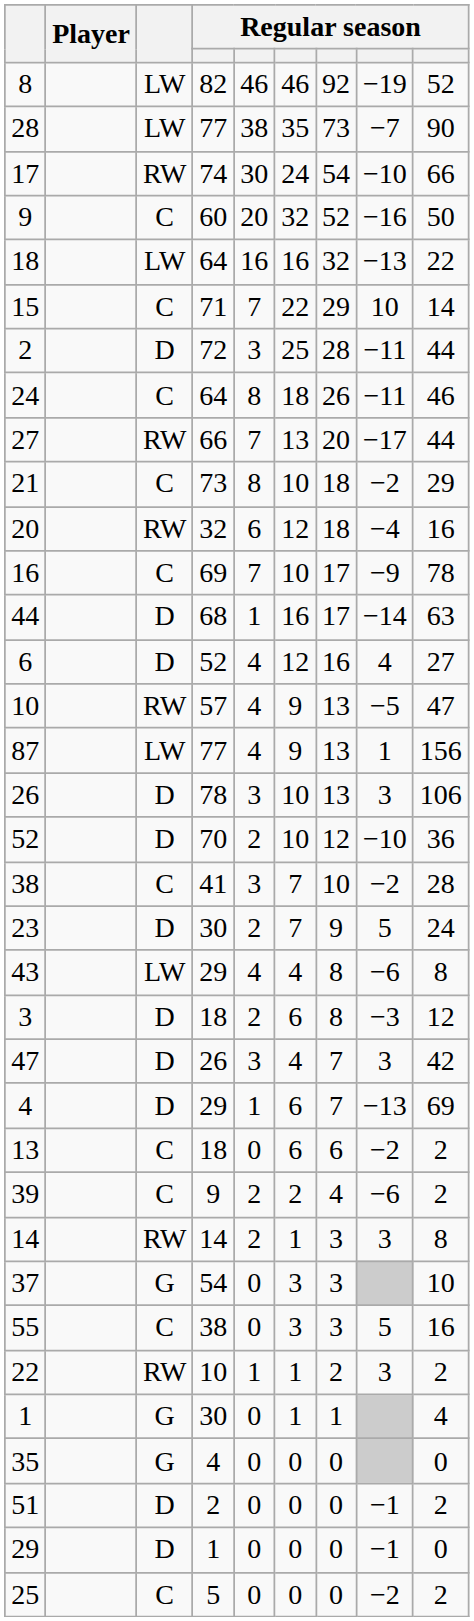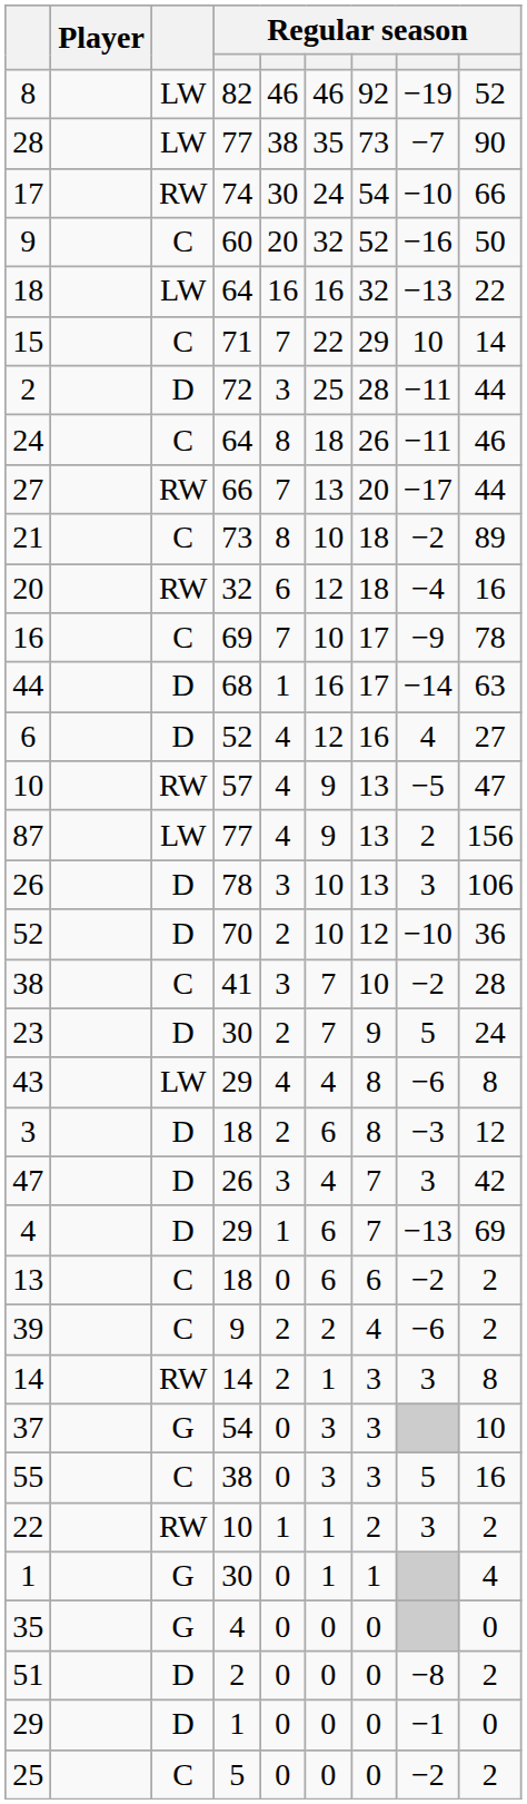 <table class="wikitable sortable plainrowheaders" style="text-align:center;">
 <tr>
 <th scope="col" data-sort-type="number" rowspan="2"></th>
 <th scope="col" rowspan="2">Player</th>
 <th scope="col" rowspan="2"></th>
 <th scope=colgroup colspan=6>Regular season</th>
 </tr>
 <tr>
 <th scope="col" data-sort-type="number"></th>
 <th scope="col" data-sort-type="number"></th>
 <th scope="col" data-sort-type="number"></th>
 <th scope="col" data-sort-type="number"></th>
 <th scope="col" data-sort-type="number"></th>
 <th scope="col" data-sort-type="number"></th>
 </tr>
 <tr>
 <td scope="row">8</td>
 <td align="left"></td>
 <td>LW</td>
 <td>82</td>
 <td>46</td>
 <td>46</td>
 <td>92</td>
 <td>−19</td>
 <td>52</td>
 </tr>
 <tr>
 <td scope="row">28</td>
 <td align="left"></td>
 <td>LW</td>
 <td>77</td>
 <td>38</td>
 <td>35</td>
 <td>73</td>
 <td>−7</td>
 <td>90</td>
 </tr>
 <tr>
 <td scope="row">17</td>
 <td align="left"></td>
 <td>RW</td>
 <td>74</td>
 <td>30</td>
 <td>24</td>
 <td>54</td>
 <td>−10</td>
 <td>66</td>
 </tr>
 <tr>
 <td scope="row">9</td>
 <td align="left"></td>
 <td>C</td>
 <td>60</td>
 <td>20</td>
 <td>32</td>
 <td>52</td>
 <td>−16</td>
 <td>50</td>
 </tr>
 <tr>
 <td scope="row">18</td>
 <td align="left"></td>
 <td>LW</td>
 <td>64</td>
 <td>16</td>
 <td>16</td>
 <td>32</td>
 <td>−13</td>
 <td>22</td>
 </tr>
 <tr>
 <td scope="row">15</td>
 <td align="left"></td>
 <td>C</td>
 <td>71</td>
 <td>7</td>
 <td>22</td>
 <td>29</td>
 <td>10</td>
 <td>14</td>
 </tr>
 <tr>
 <td scope="row">2</td>
 <td align="left"></td>
 <td>D</td>
 <td>72</td>
 <td>3</td>
 <td>25</td>
 <td>28</td>
 <td>−11</td>
 <td>44</td>
 </tr>
 <tr>
 <td scope="row">24</td>
 <td align="left"></td>
 <td>C</td>
 <td>64</td>
 <td>8</td>
 <td>18</td>
 <td>26</td>
 <td>−11</td>
 <td>46</td>
 </tr>
 <tr>
 <td scope="row">27</td>
 <td align="left"></td>
 <td>RW</td>
 <td>66</td>
 <td>7</td>
 <td>13</td>
 <td>20</td>
 <td>−17</td>
 <td>44</td>
 </tr>
 <tr>
 <td scope="row">21</td>
 <td align="left"></td>
 <td>C</td>
 <td>73</td>
 <td>8</td>
 <td>10</td>
 <td>18</td>
 <td>−2</td>
-<td>29</td>
+<td>89</td>
 </tr>
 <tr>
 <td scope="row">20</td>
 <td align="left"></td>
 <td>RW</td>
 <td>32</td>
 <td>6</td>
 <td>12</td>
 <td>18</td>
 <td>−4</td>
 <td>16</td>
 </tr>
 <tr>
 <td scope="row">16</td>
 <td align="left"></td>
 <td>C</td>
 <td>69</td>
 <td>7</td>
 <td>10</td>
 <td>17</td>
 <td>−9</td>
 <td>78</td>
 </tr>
 <tr>
 <td scope="row">44</td>
 <td align="left"></td>
 <td>D</td>
 <td>68</td>
 <td>1</td>
 <td>16</td>
 <td>17</td>
 <td>−14</td>
 <td>63</td>
 </tr>
 <tr>
 <td scope="row">6</td>
 <td align="left"></td>
 <td>D</td>
 <td>52</td>
 <td>4</td>
 <td>12</td>
 <td>16</td>
 <td>4</td>
 <td>27</td>
 </tr>
 <tr>
 <td scope="row">10</td>
 <td align="left"></td>
 <td>RW</td>
 <td>57</td>
 <td>4</td>
 <td>9</td>
 <td>13</td>
 <td>−5</td>
 <td>47</td>
 </tr>
 <tr>
 <td scope="row">87</td>
 <td align="left"></td>
 <td>LW</td>
 <td>77</td>
 <td>4</td>
 <td>9</td>
 <td>13</td>
-<td>1</td>
+<td>2</td>
 <td>156</td>
 </tr>
 <tr>
 <td scope="row">26</td>
 <td align="left"></td>
 <td>D</td>
 <td>78</td>
 <td>3</td>
 <td>10</td>
 <td>13</td>
 <td>3</td>
 <td>106</td>
 </tr>
 <tr>
 <td scope="row">52</td>
 <td align="left"></td>
 <td>D</td>
 <td>70</td>
 <td>2</td>
 <td>10</td>
 <td>12</td>
 <td>−10</td>
 <td>36</td>
 </tr>
 <tr>
 <td scope="row">38</td>
 <td align="left"></td>
 <td>C</td>
 <td>41</td>
 <td>3</td>
 <td>7</td>
 <td>10</td>
 <td>−2</td>
 <td>28</td>
 </tr>
 <tr>
 <td scope="row">23</td>
 <td align="left"></td>
 <td>D</td>
 <td>30</td>
 <td>2</td>
 <td>7</td>
 <td>9</td>
 <td>5</td>
 <td>24</td>
 </tr>
 <tr>
 <td scope="row">43</td>
 <td align="left"></td>
 <td>LW</td>
 <td>29</td>
 <td>4</td>
 <td>4</td>
 <td>8</td>
 <td>−6</td>
 <td>8</td>
 </tr>
 <tr>
 <td scope="row">3</td>
 <td align="left"></td>
 <td>D</td>
 <td>18</td>
 <td>2</td>
 <td>6</td>
 <td>8</td>
 <td>−3</td>
 <td>12</td>
 </tr>
 <tr>
 <td scope="row">47</td>
 <td align="left"></td>
 <td>D</td>
 <td>26</td>
 <td>3</td>
 <td>4</td>
 <td>7</td>
 <td>3</td>
 <td>42</td>
 </tr>
 <tr>
 <td scope="row">4</td>
 <td align="left"></td>
 <td>D</td>
 <td>29</td>
 <td>1</td>
 <td>6</td>
 <td>7</td>
 <td>−13</td>
 <td>69</td>
 </tr>
 <tr>
 <td scope="row">13</td>
 <td align="left"></td>
 <td>C</td>
 <td>18</td>
 <td>0</td>
 <td>6</td>
 <td>6</td>
 <td>−2</td>
 <td>2</td>
 </tr>
 <tr>
 <td scope="row">39</td>
 <td align="left"></td>
 <td>C</td>
 <td>9</td>
 <td>2</td>
 <td>2</td>
 <td>4</td>
 <td>−6</td>
 <td>2</td>
 </tr>
 <tr>
 <td scope="row">14</td>
 <td align="left"></td>
 <td>RW</td>
 <td>14</td>
 <td>2</td>
 <td>1</td>
 <td>3</td>
 <td>3</td>
 <td>8</td>
 </tr>
 <tr>
 <td scope="row">37</td>
 <td align="left"></td>
 <td>G</td>
 <td>54</td>
 <td>0</td>
 <td>3</td>
 <td>3</td>
 <td style="background:#ccc"></td>
 <td>10</td>
 </tr>
 <tr>
 <td scope="row">55</td>
 <td align="left"></td>
 <td>C</td>
 <td>38</td>
 <td>0</td>
 <td>3</td>
 <td>3</td>
 <td>5</td>
 <td>16</td>
 </tr>
 <tr>
 <td scope="row">22</td>
 <td align="left"></td>
 <td>RW</td>
 <td>10</td>
 <td>1</td>
 <td>1</td>
 <td>2</td>
 <td>3</td>
 <td>2</td>
 </tr>
 <tr>
 <td scope="row">1</td>
 <td align="left"></td>
 <td>G</td>
 <td>30</td>
 <td>0</td>
 <td>1</td>
 <td>1</td>
 <td style="background:#ccc"></td>
 <td>4</td>
 </tr>
 <tr>
 <td scope="row">35</td>
 <td align="left"></td>
 <td>G</td>
 <td>4</td>
 <td>0</td>
 <td>0</td>
 <td>0</td>
 <td style="background:#ccc"></td>
 <td>0</td>
 </tr>
 <tr>
 <td scope="row">51</td>
 <td align="left"></td>
 <td>D</td>
 <td>2</td>
 <td>0</td>
 <td>0</td>
 <td>0</td>
-<td>−1</td>
+<td>−8</td>
 <td>2</td>
 </tr>
 <tr>
 <td scope="row">29</td>
 <td align="left"></td>
 <td>D</td>
 <td>1</td>
 <td>0</td>
 <td>0</td>
 <td>0</td>
 <td>−1</td>
 <td>0</td>
 </tr>
 <tr>
 <td scope="row">25</td>
 <td align="left"></td>
 <td>C</td>
 <td>5</td>
 <td>0</td>
 <td>0</td>
 <td>0</td>
 <td>−2</td>
 <td>2</td>
 </tr>
 </table>
